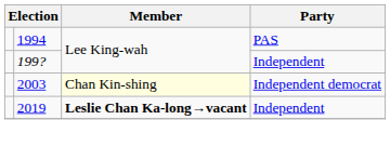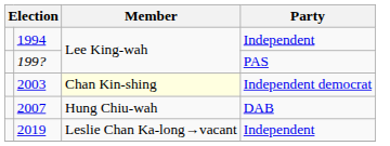 <table class="wikitable">
 <tr>
 <th colspan="2">Election</th>
 <th>Member</th>
 <th>Party</th>
 </tr>
 <tr>
 <td style="background-color: "></td>
 <td><a href='#'>1994</a></td>
 <td rowspan=2>Lee King-wah</td>
-<td><a href='#'>PAS</a></td>
+<td><a href='#'>Independent</a></td>
 </tr>
 <tr>
 <td style="background-color: "></td>
 <td><em>199?</em></td>
-<td><a href='#'>Independent</a></td>
+<td><a href='#'>PAS</a></td>
 </tr>
 <tr>
 <td style="background-color: "></td>
 <td><a href='#'>2003</a></td>
 <td style="background: lightyellow;">Chan Kin-shing</td>
 <td><a href='#'>Independent democrat</a></td>
 </tr>
 <tr>
 <td style="background-color: "></td>
+<td><a href='#'>2007</a></td>
+<td>Hung Chiu-wah</td>
+<td><a href='#'>DAB</a></td>
+</tr>
+<tr>
+<td style="background-color: "></td>
 <td><a href='#'>2019</a></td>
-<td><strong>Leslie Chan Ka-long→vacant</strong></td>
+<td>Leslie Chan Ka-long→vacant</td>
 <td><a href='#'>Independent</a></td>
 </tr>
 <tr>
 </tr>
 </table>
